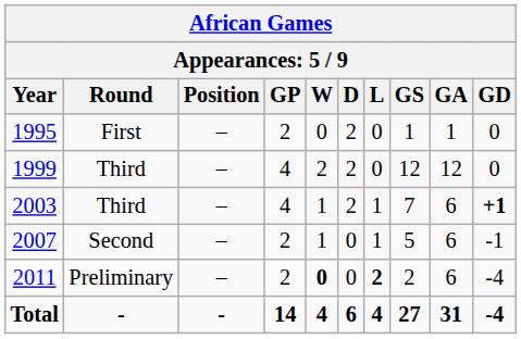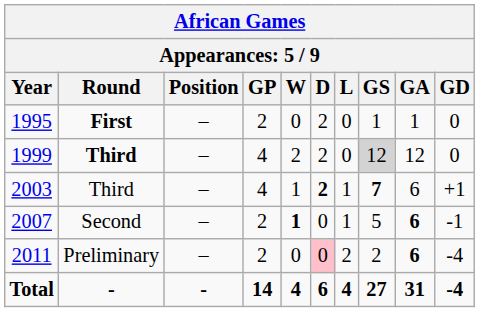 <table class="wikitable" style="text-align: center;font-size:90%;">
 <tr>
 <th colspan=10><a href='#'>African Games</a></th>
 </tr>
 <tr>
 <th colspan=10>Appearances: 5 / 9</th>
 </tr>
 <tr>
 <th>Year</th>
 <th>Round</th>
 <th>Position</th>
 <th>GP</th>
 <th>W</th>
 <th>D</th>
 <th>L</th>
 <th>GS</th>
 <th>GA</th>
 <th>GD</th>
 </tr>
 <tr>
 <td><a href='#'>1995</a></td>
-<td>First</td>
+<td><strong>First</strong></td>
 <td>–</td>
 <td>2</td>
 <td>0</td>
 <td>2</td>
 <td>0</td>
 <td>1</td>
 <td>1</td>
 <td>0</td>
 </tr>
 <tr>
 <td><a href='#'>1999</a></td>
-<td>Third</td>
+<td><strong>Third</strong></td>
 <td>–</td>
 <td>4</td>
 <td>2</td>
 <td>2</td>
 <td>0</td>
-<td>12</td>
+<td style="background: lightgrey;">12</td>
 <td>12</td>
 <td>0</td>
 </tr>
 <tr>
 <td><a href='#'>2003</a></td>
 <td>Third</td>
 <td>–</td>
 <td>4</td>
 <td>1</td>
-<td>2</td>
+<td><strong>2</strong></td>
 <td>1</td>
-<td>7</td>
+<td><strong>7</strong></td>
 <td>6</td>
-<td><strong>+1</strong></td>
+<td>+1</td>
 </tr>
 <tr>
 <td><a href='#'>2007</a></td>
 <td>Second</td>
 <td>–</td>
 <td>2</td>
-<td>1</td>
+<td><strong>1</strong></td>
 <td>0</td>
 <td>1</td>
 <td>5</td>
-<td>6</td>
+<td><strong>6</strong></td>
 <td>-1</td>
 </tr>
 <tr>
 <td><a href='#'>2011</a></td>
 <td>Preliminary</td>
 <td>–</td>
 <td>2</td>
-<td><strong>0</strong></td>
 <td>0</td>
-<td><strong>2</strong></td>
+<td style="background: pink;">0</td>
 <td>2</td>
-<td>6</td>
+<td>2</td>
+<td><strong>6</strong></td>
 <td>-4</td>
 </tr>
 <tr>
 <td><strong>Total</strong></td>
 <td><strong>-</strong></td>
 <td><strong>-</strong></td>
 <td><strong>14</strong></td>
 <td><strong>4</strong></td>
 <td><strong>6</strong></td>
 <td><strong>4</strong></td>
 <td><strong>27</strong></td>
 <td><strong>31</strong></td>
 <td><strong>-4</strong></td>
 </tr>
 </table>
